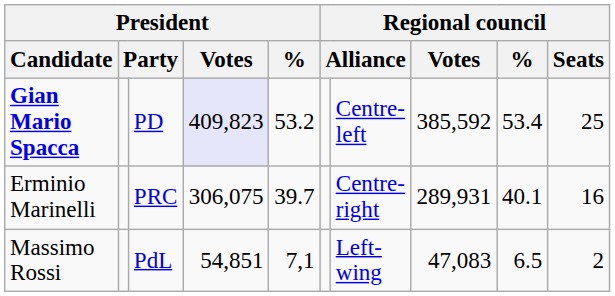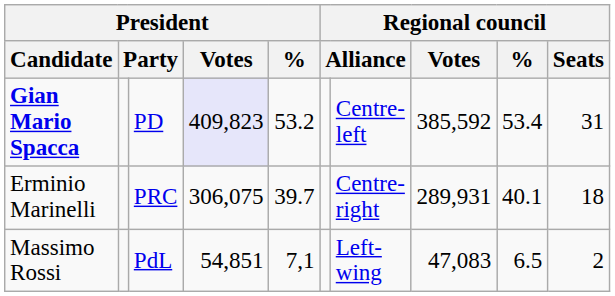 <table class="wikitable" style="text-align:right; style="width=65%">
 <tr>
 <th colspan="5">President</th>
 <th colspan="7">Regional council</th>
 </tr>
 <tr>
 <th>Candidate</th>
 <th colspan="2">Party</th>
 <th>Votes</th>
 <th>%</th>
 <th colspan="2">Alliance</th>
 <th>Votes</th>
 <th>%</th>
 <th>Seats</th>
 </tr>
 <tr>
 <td style="text-align:left"><strong><a href='#'>Gian Mario Spacca</a></strong></td>
 <td></td>
 <td style="text-align:left"><a href='#'>PD</a></td>
 <td style="background: lavender;">409,823</td>
 <td>53.2</td>
 <td></td>
 <td style="text-align:left"><a href='#'>Centre-left</a></td>
 <td>385,592</td>
 <td>53.4</td>
-<td>25</td>
+<td>31</td>
 </tr>
 <tr>
 <td style="text-align:left">Erminio Marinelli</td>
 <td></td>
 <td style="text-align:left"><a href='#'>PRC</a></td>
 <td>306,075</td>
 <td>39.7</td>
 <td></td>
 <td style="text-align:left"><a href='#'>Centre-right</a></td>
 <td>289,931</td>
 <td>40.1</td>
-<td>16</td>
+<td>18</td>
 </tr>
 <tr>
 <td style="text-align:left">Massimo Rossi</td>
 <td></td>
 <td style="text-align:left"><a href='#'>PdL</a></td>
 <td>54,851</td>
 <td>7,1</td>
 <td></td>
 <td style="text-align:left"><a href='#'>Left-wing</a></td>
 <td>47,083</td>
 <td>6.5</td>
 <td>2</td>
 </tr>
 </table>
